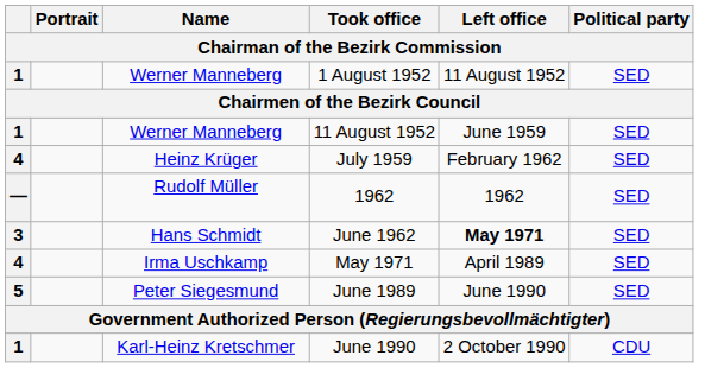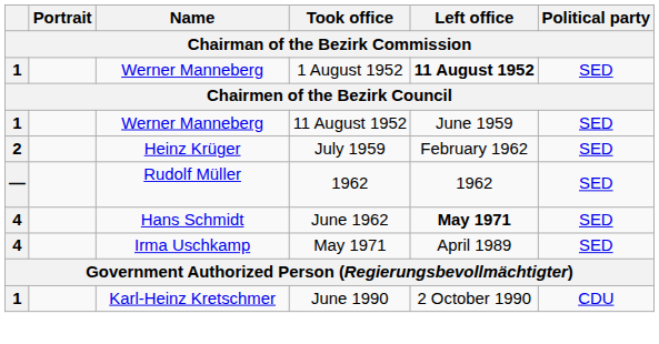 <table class="wikitable" style="text-align:center">
 <tr>
 <th></th>
 <th>Portrait</th>
 <th width=180>Name<br></th>
 <th>Took office</th>
 <th>Left office</th>
 <th>Political party</th>
 </tr>
 <tr>
 <th colspan=6>Chairman of the Bezirk Commission</th>
 </tr>
 <tr>
 <th style="background:">1</th>
 <td></td>
 <td><a href='#'>Werner Manneberg</a><br></td>
 <td>1 August 1952</td>
-<td>11 August 1952</td>
+<td><strong>11 August 1952</strong></td>
 <td><a href='#'>SED</a></td>
 </tr>
 <tr>
 <th colspan=6>Chairmen of the Bezirk Council</th>
 </tr>
 <tr>
 <th style="background:">1</th>
 <td></td>
 <td><a href='#'>Werner Manneberg</a><br></td>
 <td>11 August 1952</td>
 <td>June 1959</td>
 <td><a href='#'>SED</a></td>
 </tr>
 <tr>
-<th style="background:">4</th>
+<th style="background:">2</th>
 <td></td>
 <td><a href='#'>Heinz Krüger</a><br></td>
 <td>July 1959</td>
 <td>February 1962</td>
 <td><a href='#'>SED</a></td>
 </tr>
 <tr>
 <th style="background:">—</th>
 <td></td>
 <td><a href='#'>Rudolf Müller</a><br><br></td>
 <td>1962</td>
 <td>1962</td>
 <td><a href='#'>SED</a></td>
 </tr>
 <tr>
-<th style="background:">3</th>
+<th style="background:">4</th>
 <td></td>
 <td><a href='#'>Hans Schmidt</a><br></td>
 <td>June 1962</td>
 <td><strong>May 1971</strong></td>
 <td><a href='#'>SED</a></td>
 </tr>
 <tr>
 <th style="background:">4</th>
 <td></td>
 <td><a href='#'>Irma Uschkamp</a><br></td>
 <td>May 1971</td>
 <td>April 1989</td>
 <td><a href='#'>SED</a></td>
 </tr>
 <tr>
-<th style="background:">5</th>
-<td></td>
-<td><a href='#'>Peter Siegesmund</a><br></td>
-<td>June 1989</td>
-<td>June 1990</td>
-<td><a href='#'>SED</a></td>
-</tr>
-<tr>
 <th colspan=6>Government Authorized Person (<em>Regierungsbevollmächtigter</em>)</th>
 </tr>
 <tr>
 <th style="background:">1</th>
 <td></td>
 <td><a href='#'>Karl-Heinz Kretschmer</a><br></td>
 <td>June 1990</td>
 <td>2 October 1990</td>
 <td><a href='#'>CDU</a></td>
 </tr>
 </table>
